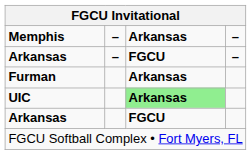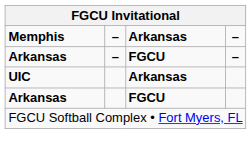 <table class="wikitable" style="float:right">
 <tr>
 <th colspan=4>FGCU Invitational</th>
 </tr>
 <tr>
 <td><strong>Memphis</strong></td>
 <td style="text-align:center"><strong>–</strong></td>
 <td><strong>Arkansas</strong></td>
 <td style="text-align:center"><strong>–</strong></td>
 </tr>
 <tr>
 <td><strong>Arkansas</strong></td>
 <td style="text-align:center"><strong>–</strong></td>
 <td><strong>FGCU</strong></td>
 <td style="text-align:center"><strong>–</strong></td>
 </tr>
 <tr>
-<td><strong>Furman</strong></td>
+<td><strong>UIC</strong></td>
 <td></td>
 <td><strong>Arkansas</strong></td>
-<td></td>
-</tr>
-<tr>
-<td><strong>UIC</strong></td>
-<td></td>
-<td style="background: lightgreen;"><strong>Arkansas</strong></td>
 <td></td>
 </tr>
 <tr>
 <td><strong>Arkansas</strong></td>
 <td></td>
 <td><strong>FGCU</strong></td>
 <td></td>
 </tr>
 <tr>
 <td colspan=4 style="text-align:center">FGCU Softball Complex • <a href='#'>Fort Myers, FL</a></td>
 </tr>
 </table>
